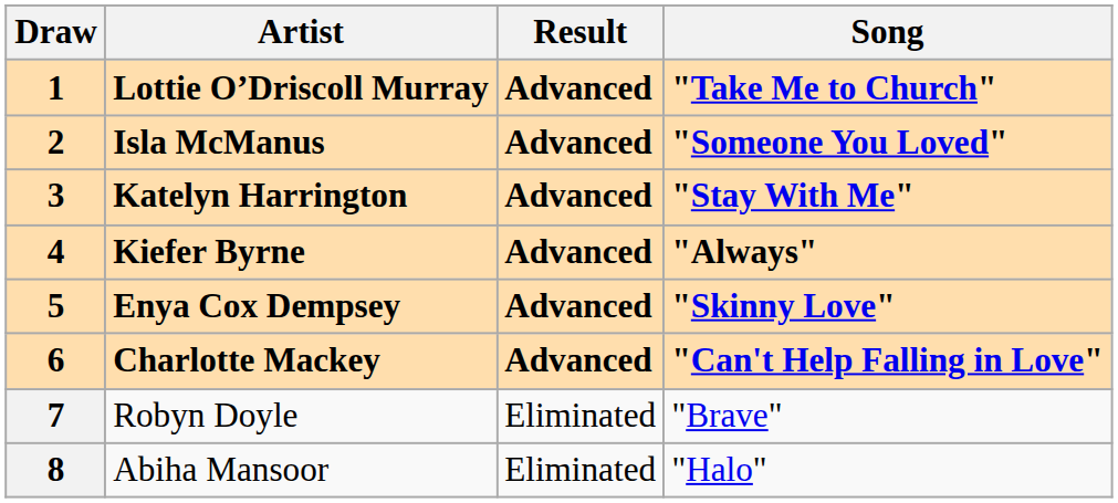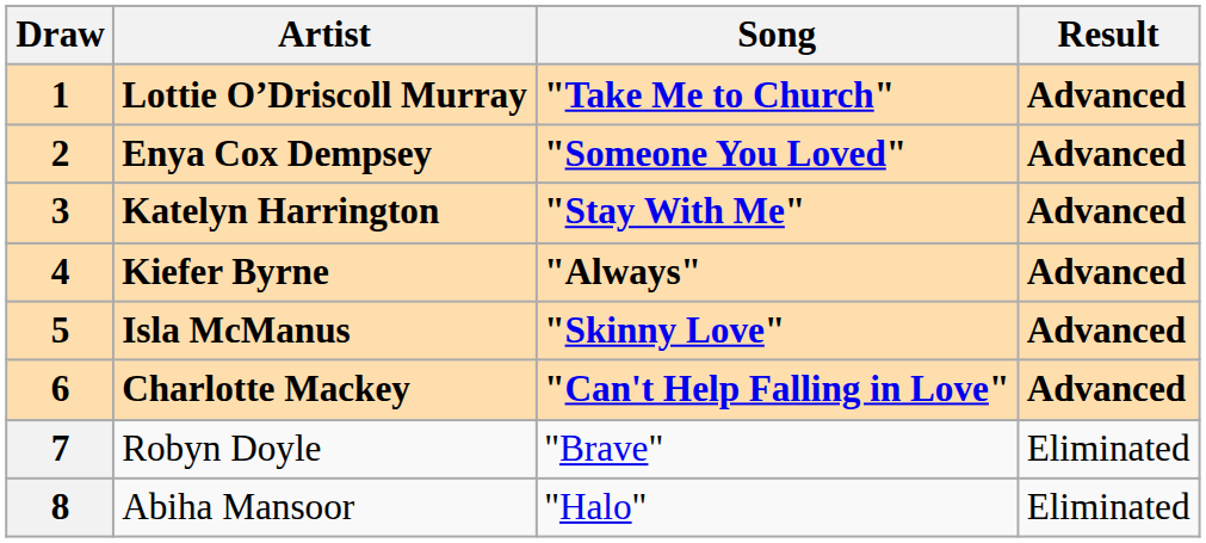 <table class="sortable wikitable plainrowheaders" style="margin: 1em auto 1em auto;">
 <tr>
 <th scope="col">Draw</th>
 <th scope="col">Artist</th>
+<th scope="col">Song </th>
 <th scope="col">Result</th>
-<th scope="col">Song </th>
 </tr>
 <tr style="font-weight: bold; background:navajowhite;">
 <th scope="row" style="text-align:center; font-weight:bold; background:navajowhite">1</th>
 <td>Lottie O’Driscoll Murray</td>
+<td>"<a href='#'>Take Me to Church</a>" </td>
 <td>Advanced</td>
-<td>"<a href='#'>Take Me to Church</a>" </td>
 </tr>
 <tr style="font-weight: bold; background:navajowhite;">
 <th scope="row" style="text-align:center; font-weight:bold; background:navajowhite">2</th>
-<td>Isla McManus</td>
+<td>Enya Cox Dempsey</td>
+<td>"<a href='#'>Someone You Loved</a>" </td>
 <td>Advanced</td>
-<td>"<a href='#'>Someone You Loved</a>" </td>
 </tr>
 <tr style="font-weight: bold; background:navajowhite;">
 <th scope="row" style="text-align:center; font-weight:bold; background:navajowhite">3</th>
 <td>Katelyn Harrington</td>
+<td>"<a href='#'>Stay With Me</a>" </td>
 <td>Advanced</td>
-<td>"<a href='#'>Stay With Me</a>" </td>
 </tr>
 <tr style="font-weight: bold; background:navajowhite;">
 <th scope="row" style="text-align:center; font-weight:bold; background:navajowhite">4</th>
 <td>Kiefer Byrne</td>
+<td>"Always" </td>
 <td>Advanced</td>
-<td>"Always" </td>
 </tr>
 <tr style="font-weight: bold; background:navajowhite;">
 <th scope="row" style="text-align:center; font-weight:bold; background:navajowhite">5</th>
-<td>Enya Cox Dempsey</td>
+<td>Isla McManus</td>
+<td>"<a href='#'>Skinny Love</a>" </td>
 <td>Advanced</td>
-<td>"<a href='#'>Skinny Love</a>" </td>
 </tr>
 <tr style="font-weight: bold; background:navajowhite;">
 <th scope="row" style="text-align:center; font-weight:bold; background:navajowhite">6</th>
 <td>Charlotte Mackey</td>
+<td>"<a href='#'>Can't Help Falling in Love</a>" </td>
 <td>Advanced</td>
-<td>"<a href='#'>Can't Help Falling in Love</a>" </td>
 </tr>
 <tr>
 <th scope="row" style="text-align:center">7</th>
 <td>Robyn Doyle</td>
+<td>"<a href='#'>Brave</a>" </td>
 <td>Eliminated</td>
-<td>"<a href='#'>Brave</a>" </td>
 </tr>
 <tr>
 <th scope="row" style="text-align:center">8</th>
 <td>Abiha Mansoor</td>
+<td>"<a href='#'>Halo</a>" </td>
 <td>Eliminated</td>
-<td>"<a href='#'>Halo</a>" </td>
 </tr>
 </table>
